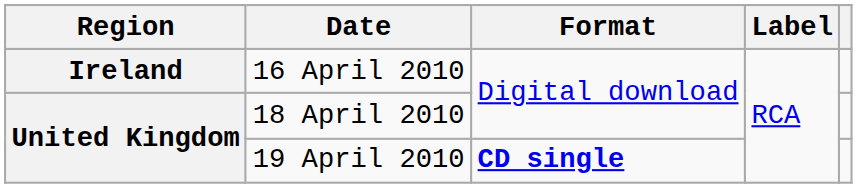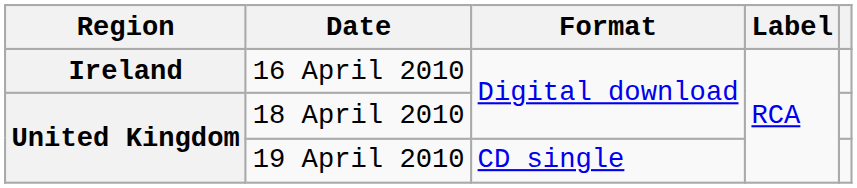 <table class="wikitable plainrowheaders">
 <tr>
 <th>Region</th>
 <th>Date</th>
 <th>Format</th>
 <th>Label</th>
 <th></th>
 </tr>
 <tr>
 <th scope="row">Ireland</th>
 <td>16 April 2010</td>
 <td rowspan="2"><a href='#'>Digital download</a></td>
 <td rowspan="3"><a href='#'>RCA</a></td>
 <td></td>
 </tr>
 <tr>
 <th scope="row" rowspan="2">United Kingdom</th>
 <td>18 April 2010</td>
 <td></td>
 </tr>
 <tr>
 <td>19 April 2010</td>
-<td><strong><a href='#'>CD single</a></strong></td>
+<td><a href='#'>CD single</a></td>
 <td></td>
 </tr>
 </table>
